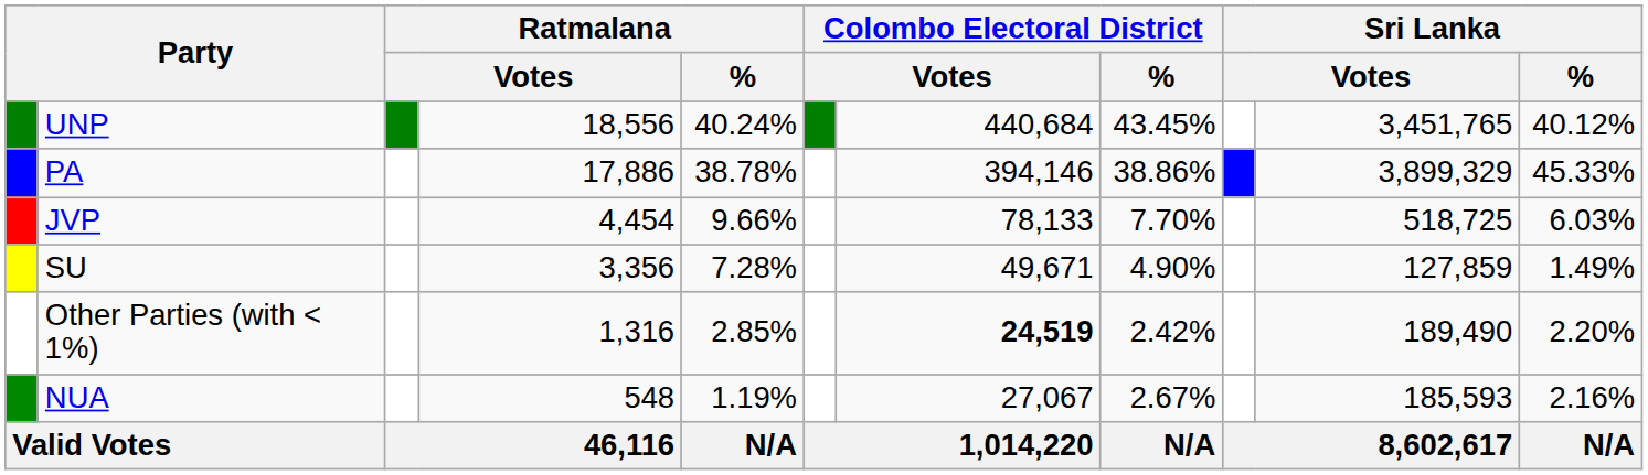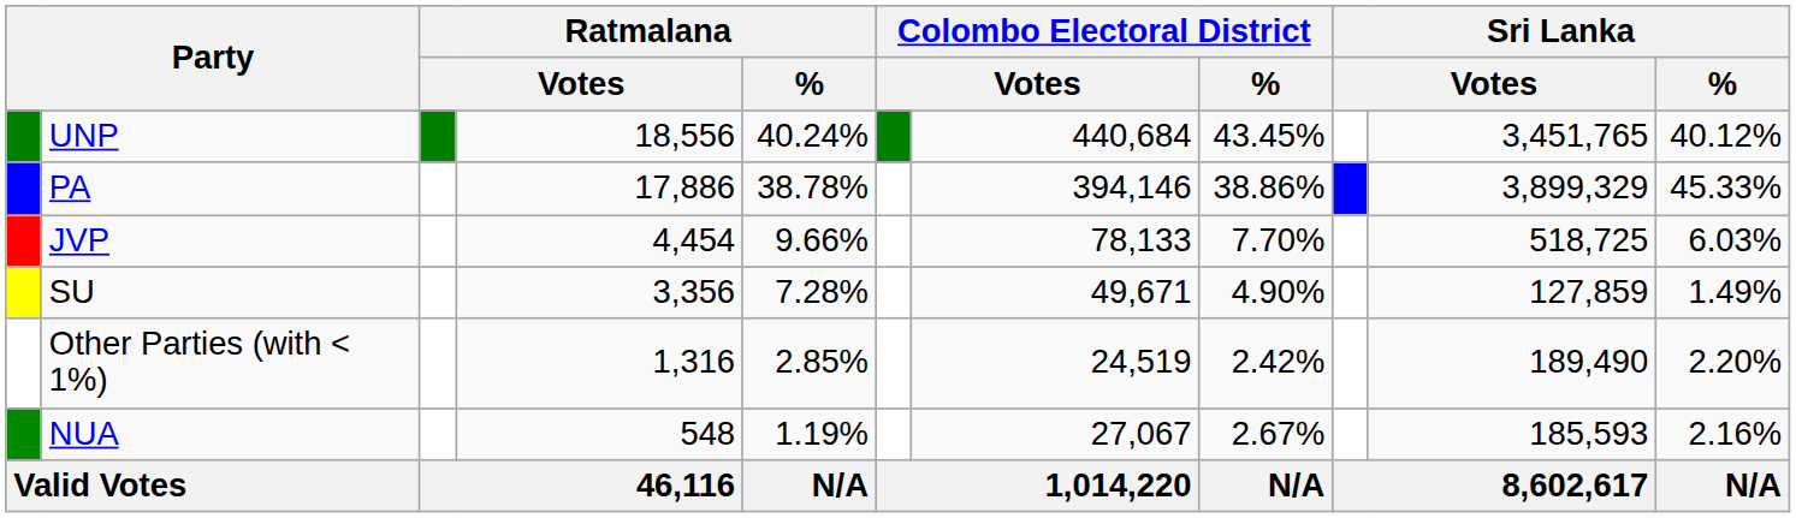 <table class="wikitable">
 <tr>
 <th colspan="2" width="144px"rowspan="2">Party</th>
 <th colspan="3" width="216px">Ratmalana</th>
 <th colspan="3" width="216px"><a href='#'>Colombo Electoral District</a></th>
 <th colspan="3" width="216px">Sri Lanka</th>
 </tr>
 <tr>
 <th colspan="2" width="144px">Votes</th>
 <th>%</th>
 <th colspan="2" width="144px">Votes</th>
 <th>%</th>
 <th colspan="2" width="144px">Votes</th>
 <th>%</th>
 </tr>
 <tr>
 <td style="background-color:green;" width="10px"></td>
 <td style="text-align:left;"><a href='#'>UNP</a></td>
 <td style="background-color:green;" width="10px"></td>
 <td style="text-align:right;">18,556</td>
 <td style="text-align:right;">40.24%</td>
 <td style="background-color:green;" width="10px"></td>
 <td style="text-align:right;">440,684</td>
 <td style="text-align:right;">43.45%</td>
 <td style="background-color:white;" width="10px"></td>
 <td style="text-align:right;">3,451,765</td>
 <td style="text-align:right;">40.12%</td>
 </tr>
 <tr>
 <td style="background-color:blue;" width="10px"></td>
 <td style="text-align:left;"><a href='#'>PA</a></td>
 <td style="background-color:white;" width="10px"></td>
 <td style="text-align:right;">17,886</td>
 <td style="text-align:right;">38.78%</td>
 <td style="background-color:white;" width="10px"></td>
 <td style="text-align:right;">394,146</td>
 <td style="text-align:right;">38.86%</td>
 <td style="background-color:blue;" width="10px"></td>
 <td style="text-align:right;">3,899,329</td>
 <td style="text-align:right;">45.33%</td>
 </tr>
 <tr>
 <td style="background-color:red;" width="10px"></td>
 <td style="text-align:left;"><a href='#'>JVP</a></td>
 <td style="background-color:white;" width="10px"></td>
 <td style="text-align:right;">4,454</td>
 <td style="text-align:right;">9.66%</td>
 <td style="background-color:white;" width="10px"></td>
 <td style="text-align:right;">78,133</td>
 <td style="text-align:right;">7.70%</td>
 <td style="background-color:white;" width="10px"></td>
 <td style="text-align:right;">518,725</td>
 <td style="text-align:right;">6.03%</td>
 </tr>
 <tr>
 <td style="background-color:yellow;" width="10px"></td>
 <td style="text-align:left;">SU</td>
 <td style="background-color:white;" width="10px"></td>
 <td style="text-align:right;">3,356</td>
 <td style="text-align:right;">7.28%</td>
 <td style="background-color:white;" width="10px"></td>
 <td style="text-align:right;">49,671</td>
 <td style="text-align:right;">4.90%</td>
 <td style="background-color:white;" width="10px"></td>
 <td style="text-align:right;">127,859</td>
 <td style="text-align:right;">1.49%</td>
 </tr>
 <tr>
 <td style="background-color:white;" width="10px"></td>
 <td style="text-align:left;">Other Parties (with < 1%)</td>
 <td style="background-color:white;" width="10px"></td>
 <td style="text-align:right;">1,316</td>
 <td style="text-align:right;">2.85%</td>
 <td style="background-color:white;" width="10px"></td>
-<td style="text-align:right;"><strong>24,519</strong></td>
+<td style="text-align:right;">24,519</td>
 <td style="text-align:right;">2.42%</td>
 <td style="background-color:white;" width="10px"></td>
 <td style="text-align:right;">189,490</td>
 <td style="text-align:right;">2.20%</td>
 </tr>
 <tr>
 <td style="background-color:#008800;" width="10px"></td>
 <td style="text-align:left;"><a href='#'>NUA</a></td>
 <td style="background-color:white;" width="10px"></td>
 <td style="text-align:right;">548</td>
 <td style="text-align:right;">1.19%</td>
 <td style="background-color:white;" width="10px"></td>
 <td style="text-align:right;">27,067</td>
 <td style="text-align:right;">2.67%</td>
 <td style="background-color:white;" width="10px"></td>
 <td style="text-align:right;">185,593</td>
 <td style="text-align:right;">2.16%</td>
 </tr>
 <tr>
 <th colspan="2" width="144px"style="text-align:left;">Valid Votes</th>
 <th style="text-align:right;"colspan="2" width="144px">46,116</th>
 <th style="text-align:right;">N/A</th>
 <th style="text-align:right;"colspan="2" width="144px">1,014,220</th>
 <th style="text-align:right;">N/A</th>
 <th style="text-align:right;"colspan="2" width="144px">8,602,617</th>
 <th style="text-align:right;">N/A</th>
 </tr>
 </table>
